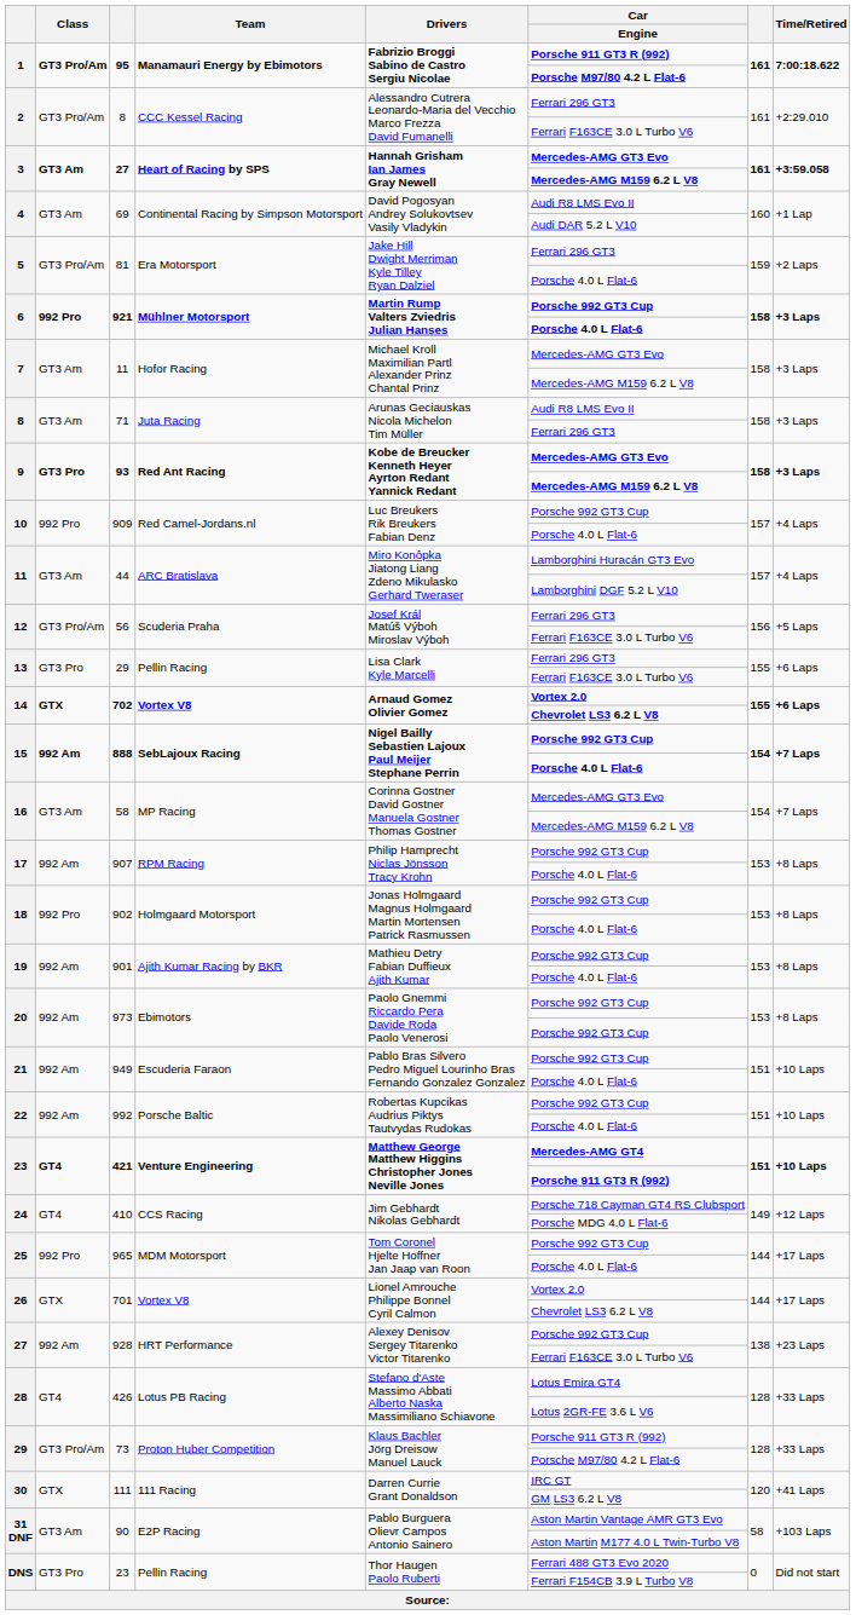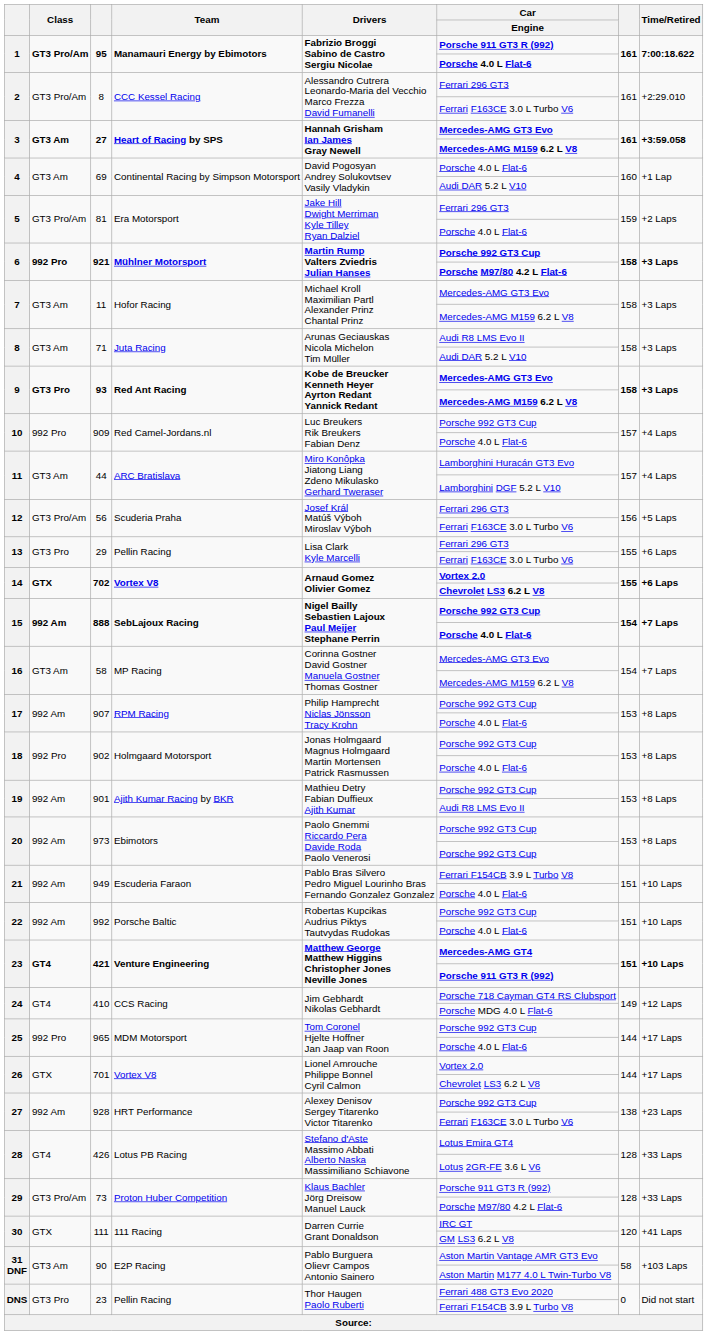 <table class="wikitable" style="font-size:90%;">
 <tr>
 <th rowspan="2"></th>
 <th rowspan="2">Class</th>
 <th rowspan="2"></th>
 <th rowspan="2">Team</th>
 <th rowspan="2">Drivers</th>
 <th>Car</th>
 <th rowspan="2"></th>
 <th rowspan="2">Time/Retired</th>
 </tr>
 <tr>
 <th>Engine</th>
 </tr>
 <tr>
 <th rowspan="2">1</th>
 <td rowspan="2"><strong>GT3 Pro/Am</strong></td>
 <td rowspan="2" align="center"><strong>95</strong></td>
 <td rowspan="2"><strong> Manamauri Energy by Ebimotors</strong></td>
 <td rowspan="2"><strong> Fabrizio Broggi<br> Sabino de Castro<br> Sergiu Nicolae</strong></td>
 <td><a href='#'><strong>Porsche 911 GT3 R (992)</strong></a></td>
 <td rowspan="2"><strong>161</strong></td>
 <td rowspan="2"><strong>7:00:18.622</strong></td>
 </tr>
 <tr>
-<td><strong><a href='#'>Porsche</a> <a href='#'>M97/80</a> 4.2 L <a href='#'>Flat-6</a></strong></td>
+<td><strong><a href='#'>Porsche</a> 4.0 L <a href='#'>Flat-6</a></strong></td>
 </tr>
 <tr>
 <th rowspan="2">2</th>
 <td rowspan="2">GT3 Pro/Am</td>
 <td rowspan="2" align="center">8</td>
 <td rowspan="2"> <a href='#'>CCC Kessel Racing</a></td>
 <td rowspan="2"> Alessandro Cutrera<br> Leonardo-Maria del Vecchio<br> Marco Frezza<br> <a href='#'>David Fumanelli</a></td>
 <td><a href='#'>Ferrari 296 GT3</a></td>
 <td rowspan="2">161</td>
 <td rowspan="2">+2:29.010</td>
 </tr>
 <tr>
 <td><a href='#'>Ferrari</a> <a href='#'>F163CE</a> 3.0 L Turbo <a href='#'>V6</a></td>
 </tr>
 <tr>
 <th rowspan="2">3</th>
 <td rowspan="2"><strong>GT3 Am</strong></td>
 <td rowspan="2" align="center"><strong>27</strong></td>
 <td rowspan="2"><strong> <a href='#'>Heart of Racing</a> by SPS</strong></td>
 <td rowspan="2"><strong> Hannah Grisham<br> <a href='#'>Ian James</a><br> Gray Newell</strong></td>
 <td><a href='#'><strong>Mercedes-AMG GT3 Evo</strong></a></td>
 <td rowspan="2"><strong>161</strong></td>
 <td rowspan="2"><strong>+3:59.058</strong></td>
 </tr>
 <tr>
 <td><strong><a href='#'>Mercedes-AMG M159</a> 6.2 L <a href='#'>V8</a></strong></td>
 </tr>
 <tr>
 <th rowspan="2">4</th>
 <td rowspan="2">GT3 Am</td>
 <td rowspan="2" align="center">69</td>
 <td rowspan="2"> Continental Racing by Simpson Motorsport</td>
 <td rowspan="2"> David Pogosyan<br> Andrey Solukovtsev<br> Vasily Vladykin</td>
-<td><a href='#'>Audi R8 LMS Evo II</a></td>
+<td><a href='#'>Porsche</a> 4.0 L <a href='#'>Flat-6</a></td>
 <td rowspan="2">160</td>
 <td rowspan="2">+1 Lap</td>
 </tr>
 <tr>
 <td><a href='#'>Audi DAR</a> 5.2 L <a href='#'>V10</a></td>
 </tr>
 <tr>
 <th rowspan="2">5</th>
 <td rowspan="2">GT3 Pro/Am</td>
 <td rowspan="2" align="center">81</td>
 <td rowspan="2"> Era Motorsport</td>
 <td rowspan="2"> <a href='#'>Jake Hill</a><br> <a href='#'>Dwight Merriman</a><br> <a href='#'>Kyle Tilley</a><br> <a href='#'>Ryan Dalziel</a></td>
 <td><a href='#'>Ferrari 296 GT3</a></td>
 <td rowspan="2">159</td>
 <td rowspan="2">+2 Laps</td>
 </tr>
 <tr>
 <td><a href='#'>Porsche</a> 4.0 L <a href='#'>Flat-6</a></td>
 </tr>
 <tr>
 <th rowspan="2">6</th>
 <td rowspan="2"><strong>992 Pro</strong></td>
 <td rowspan="2" align="center"><strong>921</strong></td>
 <td rowspan="2"><strong> <a href='#'>Mühlner Motorsport</a></strong></td>
 <td rowspan="2"><strong> <a href='#'>Martin Rump</a><br> Valters Zviedris<br> <a href='#'>Julian Hanses</a></strong></td>
 <td><a href='#'><strong>Porsche 992 GT3 Cup</strong></a></td>
 <td rowspan="2"><strong>158</strong></td>
 <td rowspan="2"><strong>+3 Laps</strong></td>
 </tr>
 <tr>
-<td><strong><a href='#'>Porsche</a> 4.0 L <a href='#'>Flat-6</a></strong></td>
+<td><strong><a href='#'>Porsche</a> <a href='#'>M97/80</a> 4.2 L <a href='#'>Flat-6</a></strong></td>
 </tr>
 <tr>
 <th rowspan="2">7</th>
 <td rowspan="2">GT3 Am</td>
 <td rowspan="2" align="center">11</td>
 <td rowspan="2"> Hofor Racing</td>
 <td rowspan="2"> Michael Kroll<br> Maximilian Partl<br> Alexander Prinz<br> Chantal Prinz</td>
 <td><a href='#'>Mercedes-AMG GT3 Evo</a></td>
 <td rowspan="2">158</td>
 <td rowspan="2">+3 Laps</td>
 </tr>
 <tr>
 <td><a href='#'>Mercedes-AMG M159</a> 6.2 L <a href='#'>V8</a></td>
 </tr>
 <tr>
 <th rowspan="2">8</th>
 <td rowspan="2">GT3 Am</td>
 <td rowspan="2" align="center">71</td>
 <td rowspan="2"> <a href='#'>Juta Racing</a></td>
 <td rowspan="2"> Arunas Geciauskas<br> Nicola Michelon<br> Tim Müller</td>
 <td><a href='#'>Audi R8 LMS Evo II</a></td>
 <td rowspan="2">158</td>
 <td rowspan="2">+3 Laps</td>
 </tr>
 <tr>
-<td><a href='#'>Ferrari 296 GT3</a></td>
+<td><a href='#'>Audi DAR</a> 5.2 L <a href='#'>V10</a></td>
 </tr>
 <tr>
 <th rowspan="2">9</th>
 <td rowspan="2"><strong>GT3 Pro</strong></td>
 <td rowspan="2" align="center"><strong>93</strong></td>
 <td rowspan="2"><strong> Red Ant Racing</strong></td>
 <td rowspan="2"><strong> Kobe de Breucker<br> Kenneth Heyer<br> Ayrton Redant<br> Yannick Redant</strong></td>
 <td><a href='#'><strong>Mercedes-AMG GT3 Evo</strong></a></td>
 <td rowspan="2"><strong>158</strong></td>
 <td rowspan="2"><strong>+3 Laps</strong></td>
 </tr>
 <tr>
 <td><strong><a href='#'>Mercedes-AMG M159</a> 6.2 L <a href='#'>V8</a></strong></td>
 </tr>
 <tr>
 <th rowspan="2">10</th>
 <td rowspan="2">992 Pro</td>
 <td rowspan="2" align="center">909</td>
 <td rowspan="2"> Red Camel-Jordans.nl</td>
 <td rowspan="2"> Luc Breukers<br> Rik Breukers<br> Fabian Denz</td>
 <td><a href='#'>Porsche 992 GT3 Cup</a></td>
 <td rowspan="2">157</td>
 <td rowspan="2">+4 Laps</td>
 </tr>
 <tr>
 <td><a href='#'>Porsche</a> 4.0 L <a href='#'>Flat-6</a></td>
 </tr>
 <tr>
 <th rowspan="2">11</th>
 <td rowspan="2">GT3 Am</td>
 <td rowspan="2" align="center">44</td>
 <td rowspan="2"> <a href='#'>ARC Bratislava</a></td>
 <td rowspan="2"> <a href='#'>Miro Konôpka</a><br> Jiatong Liang<br> Zdeno Mikulasko<br> <a href='#'>Gerhard Tweraser</a></td>
 <td><a href='#'>Lamborghini Huracán GT3 Evo</a></td>
 <td rowspan="2">157</td>
 <td rowspan="2">+4 Laps</td>
 </tr>
 <tr>
 <td><a href='#'>Lamborghini</a> <a href='#'>DGF</a> 5.2 L <a href='#'>V10</a></td>
 </tr>
 <tr>
 <th rowspan="2">12</th>
 <td rowspan="2">GT3 Pro/Am</td>
 <td rowspan="2" align="center">56</td>
 <td rowspan="2"> Scuderia Praha</td>
 <td rowspan="2"> <a href='#'>Josef Král</a><br> Matúš Výboh<br> Miroslav Výboh</td>
 <td><a href='#'>Ferrari 296 GT3</a></td>
 <td rowspan="2">156</td>
 <td rowspan="2">+5 Laps</td>
 </tr>
 <tr>
 <td><a href='#'>Ferrari</a> <a href='#'>F163CE</a> 3.0 L Turbo <a href='#'>V6</a></td>
 </tr>
 <tr>
 <th rowspan="2">13</th>
 <td rowspan="2">GT3 Pro</td>
 <td rowspan="2" align="center">29</td>
 <td rowspan="2"> Pellin Racing</td>
 <td rowspan="2"> Lisa Clark<br> <a href='#'>Kyle Marcelli</a></td>
 <td><a href='#'>Ferrari 296 GT3</a></td>
 <td rowspan="2">155</td>
 <td rowspan="2">+6 Laps</td>
 </tr>
 <tr>
 <td><a href='#'>Ferrari</a> <a href='#'>F163CE</a> 3.0 L Turbo <a href='#'>V6</a></td>
 </tr>
 <tr>
 <th rowspan="2">14</th>
 <td rowspan="2"><strong>GTX</strong></td>
 <td rowspan="2" align="center"><strong>702</strong></td>
 <td rowspan="2"><strong> <a href='#'>Vortex V8</a></strong></td>
 <td rowspan="2"><strong> Arnaud Gomez<br> Olivier Gomez</strong></td>
 <td><a href='#'><strong>Vortex 2.0</strong></a></td>
 <td rowspan="2"><strong>155</strong></td>
 <td rowspan="2"><strong>+6 Laps</strong></td>
 </tr>
 <tr>
 <td><strong><a href='#'>Chevrolet</a> <a href='#'>LS3</a> 6.2 L <a href='#'>V8</a></strong></td>
 </tr>
 <tr>
 <th rowspan="2">15</th>
 <td rowspan="2"><strong>992 Am</strong></td>
 <td rowspan="2" align="center"><strong>888</strong></td>
 <td rowspan="2"><strong> SebLajoux Racing</strong></td>
 <td rowspan="2"><strong> Nigel Bailly<br> Sebastien Lajoux<br> <a href='#'>Paul Meijer</a><br> Stephane Perrin</strong></td>
 <td><a href='#'><strong>Porsche 992 GT3 Cup</strong></a></td>
 <td rowspan="2"><strong>154</strong></td>
 <td rowspan="2"><strong>+7 Laps</strong></td>
 </tr>
 <tr>
 <td><strong><a href='#'>Porsche</a> 4.0 L <a href='#'>Flat-6</a></strong></td>
 </tr>
 <tr>
 <th rowspan="2">16</th>
 <td rowspan="2">GT3 Am</td>
 <td rowspan="2" align="center">58</td>
 <td rowspan="2"> MP Racing</td>
 <td rowspan="2"> Corinna Gostner<br> David Gostner<br> <a href='#'>Manuela Gostner</a><br> Thomas Gostner</td>
 <td><a href='#'>Mercedes-AMG GT3 Evo</a></td>
 <td rowspan="2">154</td>
 <td rowspan="2">+7 Laps</td>
 </tr>
 <tr>
 <td><a href='#'>Mercedes-AMG M159</a> 6.2 L <a href='#'>V8</a></td>
 </tr>
 <tr>
 <th rowspan="2">17</th>
 <td rowspan="2">992 Am</td>
 <td rowspan="2" align="center">907</td>
 <td rowspan="2"> <a href='#'>RPM Racing</a></td>
 <td rowspan="2"> Philip Hamprecht<br> <a href='#'>Niclas Jönsson</a><br> <a href='#'>Tracy Krohn</a></td>
 <td><a href='#'>Porsche 992 GT3 Cup</a></td>
 <td rowspan="2">153</td>
 <td rowspan="2">+8 Laps</td>
 </tr>
 <tr>
 <td><a href='#'>Porsche</a> 4.0 L <a href='#'>Flat-6</a></td>
 </tr>
 <tr>
 <th rowspan="2">18</th>
 <td rowspan="2">992 Pro</td>
 <td rowspan="2" align="center">902</td>
 <td rowspan="2"> Holmgaard Motorsport</td>
 <td rowspan="2"> Jonas Holmgaard<br> Magnus Holmgaard<br> Martin Mortensen<br> Patrick Rasmussen</td>
 <td><a href='#'>Porsche 992 GT3 Cup</a></td>
 <td rowspan="2">153</td>
 <td rowspan="2">+8 Laps</td>
 </tr>
 <tr>
 <td><a href='#'>Porsche</a> 4.0 L <a href='#'>Flat-6</a></td>
 </tr>
 <tr>
 <th rowspan="2">19</th>
 <td rowspan="2">992 Am</td>
 <td rowspan="2" align="center">901</td>
 <td rowspan="2"> <a href='#'>Ajith Kumar Racing</a> by <a href='#'>BKR</a></td>
 <td rowspan="2"> Mathieu Detry<br> Fabian Duffieux<br> <a href='#'>Ajith Kumar</a></td>
 <td><a href='#'>Porsche 992 GT3 Cup</a></td>
 <td rowspan="2">153</td>
 <td rowspan="2">+8 Laps</td>
 </tr>
 <tr>
-<td><a href='#'>Porsche</a> 4.0 L <a href='#'>Flat-6</a></td>
+<td><a href='#'>Audi R8 LMS Evo II</a></td>
 </tr>
 <tr>
 <th rowspan="2">20</th>
 <td rowspan="2">992 Am</td>
 <td rowspan="2" align="center">973</td>
 <td rowspan="2"> Ebimotors</td>
 <td rowspan="2"> Paolo Gnemmi<br> <a href='#'>Riccardo Pera</a><br> <a href='#'>Davide Roda</a><br> Paolo Venerosi</td>
 <td><a href='#'>Porsche 992 GT3 Cup</a></td>
 <td rowspan="2">153</td>
 <td rowspan="2">+8 Laps</td>
 </tr>
 <tr>
 <td><a href='#'>Porsche 992 GT3 Cup</a></td>
 </tr>
 <tr>
 <th rowspan="2">21</th>
 <td rowspan="2">992 Am</td>
 <td rowspan="2" align="center">949</td>
 <td rowspan="2"> Escuderia Faraon</td>
 <td rowspan="2"> Pablo Bras Silvero<br> Pedro Miguel Lourinho Bras<br> Fernando Gonzalez Gonzalez</td>
-<td><a href='#'>Porsche 992 GT3 Cup</a></td>
+<td><a href='#'>Ferrari F154CB</a> 3.9 L <a href='#'>Turbo</a> <a href='#'>V8</a></td>
 <td rowspan="2">151</td>
 <td rowspan="2">+10 Laps</td>
 </tr>
 <tr>
 <td><a href='#'>Porsche</a> 4.0 L <a href='#'>Flat-6</a></td>
 </tr>
 <tr>
 <th rowspan="2">22</th>
 <td rowspan="2">992 Am</td>
 <td rowspan="2" align="center">992</td>
 <td rowspan="2"> Porsche Baltic</td>
 <td rowspan="2"> Robertas Kupcikas<br> Audrius Piktys<br> Tautvydas Rudokas</td>
 <td><a href='#'>Porsche 992 GT3 Cup</a></td>
 <td rowspan="2">151</td>
 <td rowspan="2">+10 Laps</td>
 </tr>
 <tr>
 <td><a href='#'>Porsche</a> 4.0 L <a href='#'>Flat-6</a></td>
 </tr>
 <tr>
 <th rowspan="2">23</th>
 <td rowspan="2"><strong>GT4</strong></td>
 <td rowspan="2" align="center"><strong>421</strong></td>
 <td rowspan="2"><strong> Venture Engineering</strong></td>
 <td rowspan="2"><strong> <a href='#'>Matthew George</a><br> Matthew Higgins<br> Christopher Jones<br> Neville Jones</strong></td>
 <td><a href='#'><strong>Mercedes-AMG GT4</strong></a></td>
 <td rowspan="2"><strong>151</strong></td>
 <td rowspan="2"><strong>+10 Laps</strong></td>
 </tr>
 <tr>
 <td><a href='#'><strong>Porsche 911 GT3 R (992)</strong></a></td>
 </tr>
 <tr>
 <th rowspan="2">24</th>
 <td rowspan="2">GT4</td>
 <td rowspan="2" align="center">410</td>
 <td rowspan="2"> CCS Racing</td>
 <td rowspan="2"> Jim Gebhardt<br> Nikolas Gebhardt</td>
 <td><a href='#'>Porsche 718 Cayman GT4 RS Clubsport</a></td>
 <td rowspan="2">149</td>
 <td rowspan="2">+12 Laps</td>
 </tr>
 <tr>
 <td><a href='#'>Porsche</a> MDG 4.0 L <a href='#'>Flat-6</a></td>
 </tr>
 <tr>
 <th rowspan="2">25</th>
 <td rowspan="2">992 Pro</td>
 <td rowspan="2" align="center">965</td>
 <td rowspan="2"> MDM Motorsport</td>
 <td rowspan="2"> <a href='#'>Tom Coronel</a><br> Hjelte Hoffner<br> Jan Jaap van Roon</td>
 <td><a href='#'>Porsche 992 GT3 Cup</a></td>
 <td rowspan="2">144</td>
 <td rowspan="2">+17 Laps</td>
 </tr>
 <tr>
 <td><a href='#'>Porsche</a> 4.0 L <a href='#'>Flat-6</a></td>
 </tr>
 <tr>
 <th rowspan="2">26</th>
 <td rowspan="2">GTX</td>
 <td rowspan="2" align="center">701</td>
 <td rowspan="2"> <a href='#'>Vortex V8</a></td>
 <td rowspan="2"> Lionel Amrouche<br> Philippe Bonnel<br> Cyril Calmon</td>
 <td><a href='#'>Vortex 2.0</a></td>
 <td rowspan="2">144</td>
 <td rowspan="2">+17 Laps</td>
 </tr>
 <tr>
 <td><a href='#'>Chevrolet</a> <a href='#'>LS3</a> 6.2 L <a href='#'>V8</a></td>
 </tr>
 <tr>
 <th rowspan="2">27</th>
 <td rowspan="2">992 Am</td>
 <td rowspan="2" align="center">928</td>
 <td rowspan="2"> HRT Performance</td>
 <td rowspan="2"> Alexey Denisov<br> Sergey Titarenko<br> Victor Titarenko</td>
 <td><a href='#'>Porsche 992 GT3 Cup</a></td>
 <td rowspan="2">138</td>
 <td rowspan="2">+23 Laps</td>
 </tr>
 <tr>
 <td><a href='#'>Ferrari</a> <a href='#'>F163CE</a> 3.0 L Turbo <a href='#'>V6</a></td>
 </tr>
 <tr>
 <th rowspan="2">28</th>
 <td rowspan="2">GT4</td>
 <td rowspan="2" align="center">426</td>
 <td rowspan="2"> Lotus PB Racing</td>
 <td rowspan="2"> <a href='#'>Stefano d'Aste</a><br> Massimo Abbati<br> <a href='#'>Alberto Naska</a><br> Massimiliano Schiavone</td>
 <td><a href='#'>Lotus Emira GT4</a></td>
 <td rowspan="2">128</td>
 <td rowspan="2">+33 Laps</td>
 </tr>
 <tr>
 <td><a href='#'>Lotus</a> <a href='#'>2GR-FE</a> 3.6 L <a href='#'>V6</a></td>
 </tr>
 <tr>
 <th rowspan="2">29</th>
 <td rowspan="2">GT3 Pro/Am</td>
 <td rowspan="2" align="center">73</td>
 <td rowspan="2"> <a href='#'>Proton Huber Competition</a></td>
 <td rowspan="2"> <a href='#'>Klaus Bachler</a><br> Jörg Dreisow<br> Manuel Lauck</td>
 <td><a href='#'>Porsche 911 GT3 R (992)</a></td>
 <td rowspan="2">128</td>
 <td rowspan="2">+33 Laps</td>
 </tr>
 <tr>
 <td><a href='#'>Porsche</a> <a href='#'>M97/80</a> 4.2 L <a href='#'>Flat-6</a></td>
 </tr>
 <tr>
 <th rowspan="2">30</th>
 <td rowspan="2">GTX</td>
 <td rowspan="2" align="center">111</td>
 <td rowspan="2"> 111 Racing</td>
 <td rowspan="2"> Darren Currie<br> Grant Donaldson</td>
 <td><a href='#'>IRC GT</a></td>
 <td rowspan="2">120</td>
 <td rowspan="2">+41 Laps</td>
 </tr>
 <tr>
 <td><a href='#'>GM</a> <a href='#'>LS3</a> 6.2 L <a href='#'>V8</a></td>
 </tr>
 <tr>
 <th rowspan="2">31<br>DNF</th>
 <td rowspan="2">GT3 Am</td>
 <td rowspan="2" align="center">90</td>
 <td rowspan="2"> E2P Racing</td>
 <td rowspan="2"> Pablo Burguera<br> Olievr Campos<br> Antonio Sainero</td>
 <td><a href='#'>Aston Martin Vantage AMR GT3 Evo</a></td>
 <td rowspan="2">58</td>
 <td rowspan="2">+103 Laps</td>
 </tr>
 <tr>
 <td><a href='#'>Aston Martin</a> <a href='#'>M177 4.0 L Twin-Turbo V8</a></td>
 </tr>
 <tr>
 <th rowspan="2">DNS</th>
 <td rowspan="2">GT3 Pro</td>
 <td rowspan="2" align="center">23</td>
 <td rowspan="2"> Pellin Racing</td>
 <td rowspan="2"> Thor Haugen<br> <a href='#'>Paolo Ruberti</a></td>
 <td><a href='#'>Ferrari 488 GT3 Evo 2020</a></td>
 <td rowspan="2">0</td>
 <td rowspan="2">Did not start</td>
 </tr>
 <tr>
 <td><a href='#'>Ferrari F154CB</a> 3.9 L <a href='#'>Turbo</a> <a href='#'>V8</a></td>
 </tr>
 <tr>
 <th colspan="8">Source:</th>
 </tr>
 </table>
